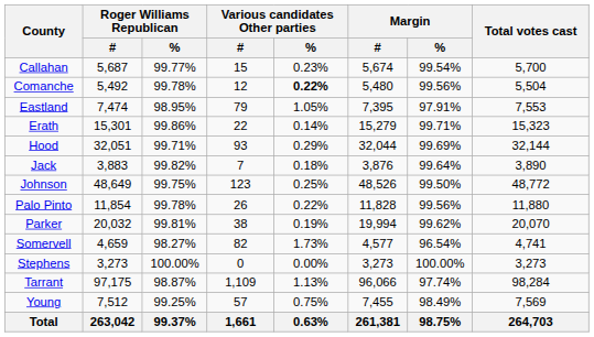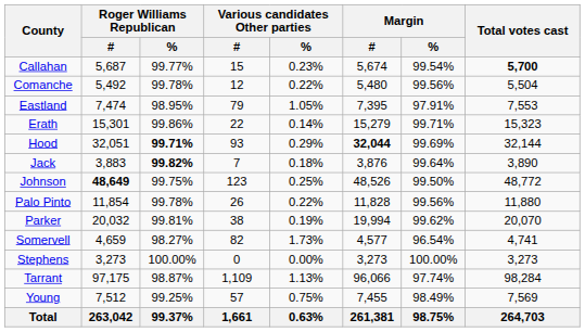 <table width="60%" class="wikitable sortable" style="text-align:center">
 <tr>
 <th rowspan="2">County</th>
 <th style="text-align:center;" colspan="2">Roger Williams<br>Republican</th>
 <th style="text-align:center;" colspan="2">Various candidates<br>Other parties</th>
 <th style="text-align:center;" colspan="2">Margin</th>
 <th rowspan="2" style="text-align:center;">Total votes cast</th>
 </tr>
 <tr>
 <th style="text-align:center;" data-sort-type="number">#</th>
 <th style="text-align:center;" data-sort-type="number">%</th>
 <th style="text-align:center;" data-sort-type="number">#</th>
 <th style="text-align:center;" data-sort-type="number">%</th>
 <th style="text-align:center;" data-sort-type="number">#</th>
 <th style="text-align:center;" data-sort-type="number">%</th>
 </tr>
 <tr style="text-align:center;">
 <td style="background-color:"><a href='#'>Callahan</a></td>
 <td style="background-color:">5,687</td>
 <td style="background-color:">99.77%</td>
 <td style="background-color:">15</td>
 <td style="background-color:">0.23%</td>
 <td style="background-color:">5,674</td>
 <td style="background-color:">99.54%</td>
-<td style="background-color:">5,700</td>
+<td style="background-color:"><strong>5,700</strong></td>
 </tr>
 <tr style="text-align:center;">
 <td style="background-color:"><a href='#'>Comanche</a></td>
 <td style="background-color:">5,492</td>
 <td style="background-color:">99.78%</td>
 <td style="background-color:">12</td>
-<td style="background-color:"><strong>0.22%</strong></td>
+<td style="background-color:">0.22%</td>
 <td style="background-color:">5,480</td>
 <td style="background-color:">99.56%</td>
 <td style="background-color:">5,504</td>
 </tr>
 <tr style="text-align:center;">
 <td style="background-color:"><a href='#'>Eastland</a></td>
 <td style="background-color:">7,474</td>
 <td style="background-color:">98.95%</td>
 <td style="background-color:">79</td>
 <td style="background-color:">1.05%</td>
 <td style="background-color:">7,395</td>
 <td style="background-color:">97.91%</td>
 <td style="background-color:">7,553</td>
 </tr>
 <tr style="text-align:center;">
 <td style="background-color:"><a href='#'>Erath</a></td>
 <td style="background-color:">15,301</td>
 <td style="background-color:">99.86%</td>
 <td style="background-color:">22</td>
 <td style="background-color:">0.14%</td>
 <td style="background-color:">15,279</td>
 <td style="background-color:">99.71%</td>
 <td style="background-color:">15,323</td>
 </tr>
 <tr style="text-align:center;">
 <td style="background-color:"><a href='#'>Hood</a></td>
 <td style="background-color:">32,051</td>
-<td style="background-color:">99.71%</td>
+<td style="background-color:"><strong>99.71%</strong></td>
 <td style="background-color:">93</td>
 <td style="background-color:">0.29%</td>
-<td style="background-color:">32,044</td>
+<td style="background-color:"><strong>32,044</strong></td>
 <td style="background-color:">99.69%</td>
 <td style="background-color:">32,144</td>
 </tr>
 <tr style="text-align:center;">
 <td style="background-color:"><a href='#'>Jack</a></td>
 <td style="background-color:">3,883</td>
-<td style="background-color:">99.82%</td>
+<td style="background-color:"><strong>99.82%</strong></td>
 <td style="background-color:">7</td>
 <td style="background-color:">0.18%</td>
 <td style="background-color:">3,876</td>
 <td style="background-color:">99.64%</td>
 <td style="background-color:">3,890</td>
 </tr>
 <tr style="text-align:center;">
 <td style="background-color:"><a href='#'>Johnson</a></td>
-<td style="background-color:">48,649</td>
+<td style="background-color:"><strong>48,649</strong></td>
 <td style="background-color:">99.75%</td>
 <td style="background-color:">123</td>
 <td style="background-color:">0.25%</td>
 <td style="background-color:">48,526</td>
 <td style="background-color:">99.50%</td>
 <td style="background-color:">48,772</td>
 </tr>
 <tr style="text-align:center;">
 <td style="background-color:"><a href='#'>Palo Pinto</a></td>
 <td style="background-color:">11,854</td>
 <td style="background-color:">99.78%</td>
 <td style="background-color:">26</td>
 <td style="background-color:">0.22%</td>
 <td style="background-color:">11,828</td>
 <td style="background-color:">99.56%</td>
 <td style="background-color:">11,880</td>
 </tr>
 <tr style="text-align:center;">
 <td style="background-color:"><a href='#'>Parker</a></td>
 <td style="background-color:">20,032</td>
 <td style="background-color:">99.81%</td>
 <td style="background-color:">38</td>
 <td style="background-color:">0.19%</td>
 <td style="background-color:">19,994</td>
 <td style="background-color:">99.62%</td>
 <td style="background-color:">20,070</td>
 </tr>
 <tr style="text-align:center;">
 <td style="background-color:"><a href='#'>Somervell</a></td>
 <td style="background-color:">4,659</td>
 <td style="background-color:">98.27%</td>
 <td style="background-color:">82</td>
 <td style="background-color:">1.73%</td>
 <td style="background-color:">4,577</td>
 <td style="background-color:">96.54%</td>
 <td style="background-color:">4,741</td>
 </tr>
 <tr style="text-align:center;">
 <td style="background-color:"><a href='#'>Stephens</a></td>
 <td style="background-color:">3,273</td>
 <td style="background-color:">100.00%</td>
 <td style="background-color:">0</td>
 <td style="background-color:">0.00%</td>
 <td style="background-color:">3,273</td>
 <td style="background-color:">100.00%</td>
 <td style="background-color:">3,273</td>
 </tr>
 <tr style="text-align:center;">
 <td style="background-color:"><a href='#'>Tarrant</a></td>
 <td style="background-color:">97,175</td>
 <td style="background-color:">98.87%</td>
 <td style="background-color:">1,109</td>
 <td style="background-color:">1.13%</td>
 <td style="background-color:">96,066</td>
 <td style="background-color:">97.74%</td>
 <td style="background-color:">98,284</td>
 </tr>
 <tr style="text-align:center;">
 <td style="background-color:"><a href='#'>Young</a></td>
 <td style="background-color:">7,512</td>
 <td style="background-color:">99.25%</td>
 <td style="background-color:">57</td>
 <td style="background-color:">0.75%</td>
 <td style="background-color:">7,455</td>
 <td style="background-color:">98.49%</td>
 <td style="background-color:">7,569</td>
 </tr>
 <tr style="text-align:center;">
 <th>Total</th>
 <th>263,042</th>
 <th>99.37%</th>
 <th>1,661</th>
 <th>0.63%</th>
 <th>261,381</th>
 <th>98.75%</th>
 <th>264,703</th>
 </tr>
 </table>
